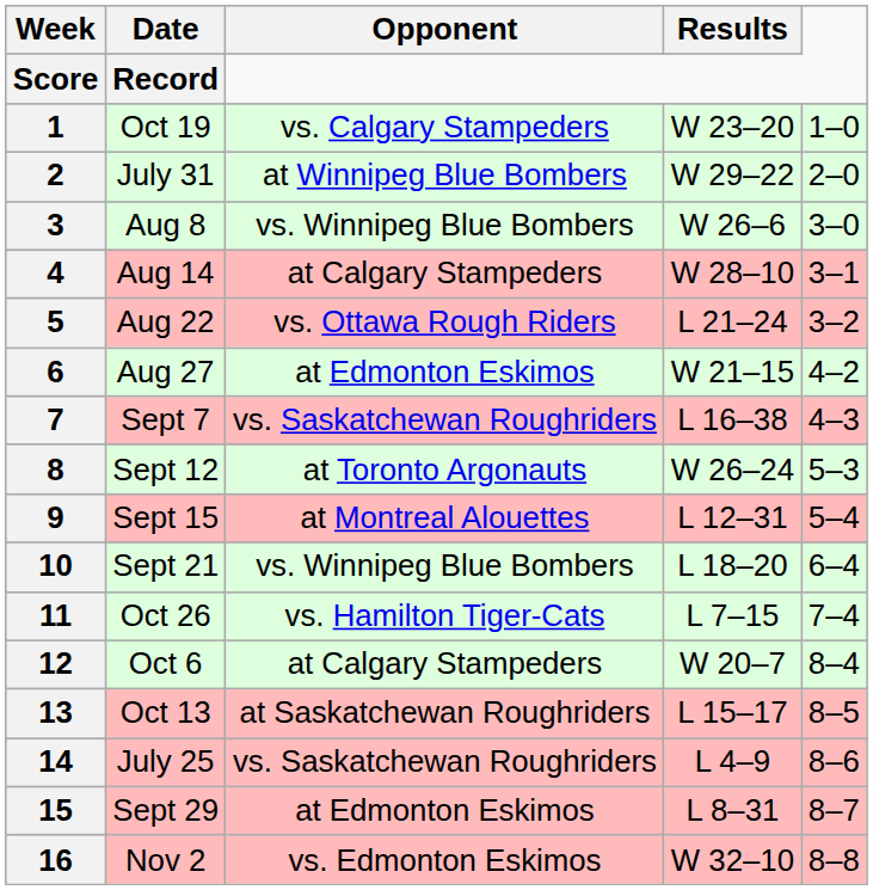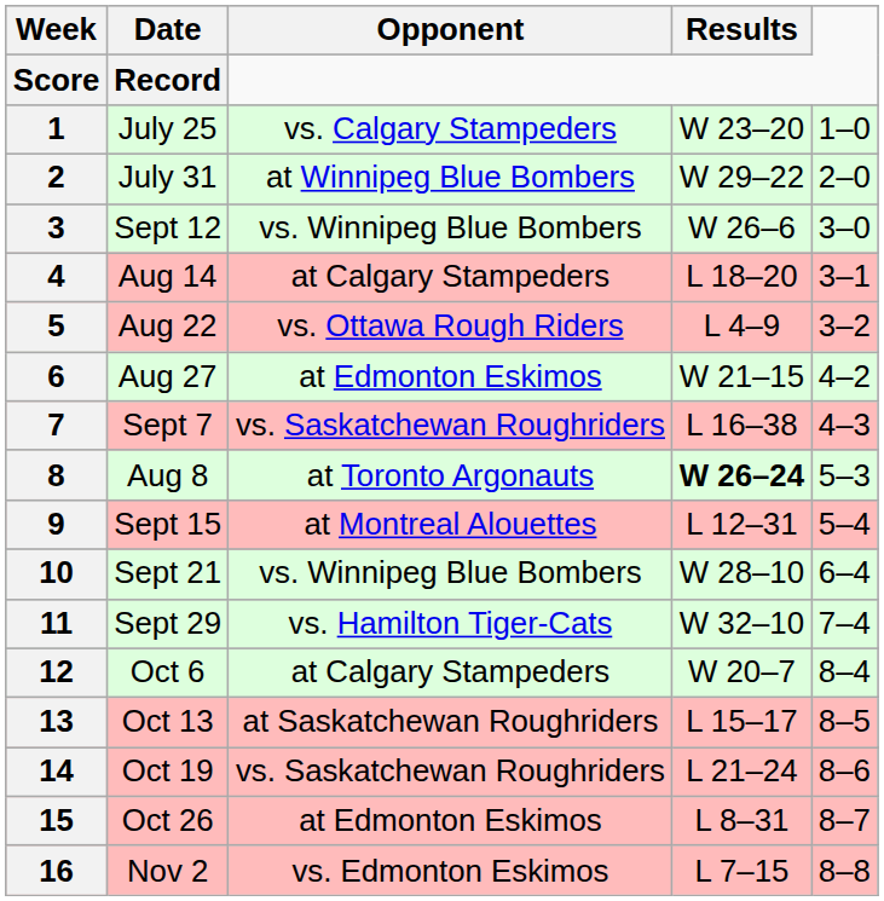 <table class="wikitable" style="text-align:center">
 <tr>
 <th>Week</th>
 <th>Date</th>
 <th>Opponent</th>
 <th>Results</th>
 </tr>
 <tr>
 <th>Score</th>
 <th>Record</th>
 </tr>
 <tr style="background:#ddffdd">
 <th>1</th>
-<td>Oct 19</td>
+<td>July 25</td>
 <td>vs. <a href='#'>Calgary Stampeders</a></td>
 <td>W 23–20</td>
 <td>1–0</td>
 </tr>
 <tr style="background:#ddffdd">
 <th>2</th>
 <td>July 31</td>
 <td>at <a href='#'>Winnipeg Blue Bombers</a></td>
 <td>W 29–22</td>
 <td>2–0</td>
 </tr>
 <tr style="background:#ddffdd">
 <th>3</th>
-<td>Aug 8</td>
+<td>Sept 12</td>
 <td>vs. Winnipeg Blue Bombers</td>
 <td>W 26–6</td>
 <td>3–0</td>
 </tr>
 <tr style="background:#ffbbbb">
 <th>4</th>
 <td>Aug 14</td>
 <td>at Calgary Stampeders</td>
-<td>W 28–10</td>
+<td>L 18–20</td>
 <td>3–1</td>
 </tr>
 <tr style="background:#ffbbbb">
 <th>5</th>
 <td>Aug 22</td>
 <td>vs. <a href='#'>Ottawa Rough Riders</a></td>
-<td>L 21–24</td>
+<td>L 4–9</td>
 <td>3–2</td>
 </tr>
 <tr style="background:#ddffdd">
 <th>6</th>
 <td>Aug 27</td>
 <td>at <a href='#'>Edmonton Eskimos</a></td>
 <td>W 21–15</td>
 <td>4–2</td>
 </tr>
 <tr style="background:#ffbbbb">
 <th>7</th>
 <td>Sept 7</td>
 <td>vs. <a href='#'>Saskatchewan Roughriders</a></td>
 <td>L 16–38</td>
 <td>4–3</td>
 </tr>
 <tr style="background:#ddffdd">
 <th>8</th>
-<td>Sept 12</td>
+<td>Aug 8</td>
 <td>at <a href='#'>Toronto Argonauts</a></td>
-<td>W 26–24</td>
+<td><strong>W 26–24</strong></td>
 <td>5–3</td>
 </tr>
 <tr style="background:#ffbbbb">
 <th>9</th>
 <td>Sept 15</td>
 <td>at <a href='#'>Montreal Alouettes</a></td>
 <td>L 12–31</td>
 <td>5–4</td>
 </tr>
 <tr style="background:#ddffdd">
 <th>10</th>
 <td>Sept 21</td>
 <td>vs. Winnipeg Blue Bombers</td>
-<td>L 18–20</td>
+<td>W 28–10</td>
 <td>6–4</td>
 </tr>
 <tr style="background:#ddffdd">
 <th>11</th>
-<td>Oct 26</td>
+<td>Sept 29</td>
 <td>vs. <a href='#'>Hamilton Tiger-Cats</a></td>
-<td>L 7–15</td>
+<td>W 32–10</td>
 <td>7–4</td>
 </tr>
 <tr style="background:#ddffdd">
 <th>12</th>
 <td>Oct 6</td>
 <td>at Calgary Stampeders</td>
 <td>W 20–7</td>
 <td>8–4</td>
 </tr>
 <tr style="background:#ffbbbb">
 <th>13</th>
 <td>Oct 13</td>
 <td>at Saskatchewan Roughriders</td>
 <td>L 15–17</td>
 <td>8–5</td>
 </tr>
 <tr style="background:#ffbbbb">
 <th>14</th>
-<td>July 25</td>
+<td>Oct 19</td>
 <td>vs. Saskatchewan Roughriders</td>
-<td>L 4–9</td>
+<td>L 21–24</td>
 <td>8–6</td>
 </tr>
 <tr style="background:#ffbbbb">
 <th>15</th>
-<td>Sept 29</td>
+<td>Oct 26</td>
 <td>at Edmonton Eskimos</td>
 <td>L 8–31</td>
 <td>8–7</td>
 </tr>
 <tr style="background:#ffbbbb">
 <th>16</th>
 <td>Nov 2</td>
 <td>vs. Edmonton Eskimos</td>
-<td>W 32–10</td>
+<td>L 7–15</td>
 <td>8–8</td>
 </tr>
 </table>
